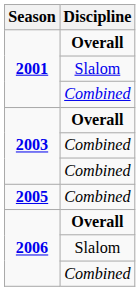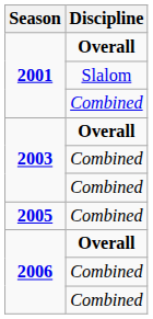 <table class=wikitable style="text-align:center">
 <tr>
 <th>Season</th>
 <th>Discipline</th>
 </tr>
 <tr>
 <td rowspan=3><strong><a href='#'>2001</a></strong></td>
 <td><strong>Overall</strong></td>
 </tr>
 <tr>
 <td><a href='#'>Slalom</a></td>
 </tr>
 <tr>
 <td><em><a href='#'>Combined</a></em></td>
 </tr>
 <tr>
 <td rowspan=3><strong><a href='#'>2003</a></strong></td>
 <td><strong>Overall</strong></td>
 </tr>
 <tr>
 <td><em>Combined</em></td>
 </tr>
 <tr>
 <td><em>Combined</em></td>
 </tr>
 <tr>
 <td><strong><a href='#'>2005</a></strong></td>
 <td><em>Combined</em></td>
 </tr>
 <tr>
 <td rowspan=3><strong><a href='#'>2006</a></strong></td>
 <td><strong>Overall</strong></td>
 </tr>
 <tr>
-<td>Slalom</td>
+<td><em>Combined</em></td>
 </tr>
 <tr>
 <td><em>Combined</em></td>
 </tr>
 </table>
